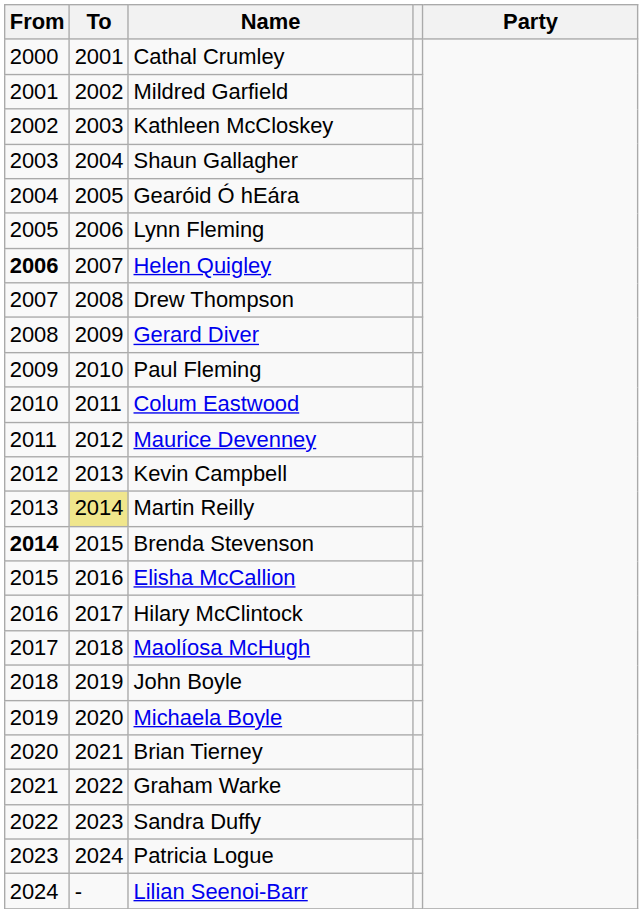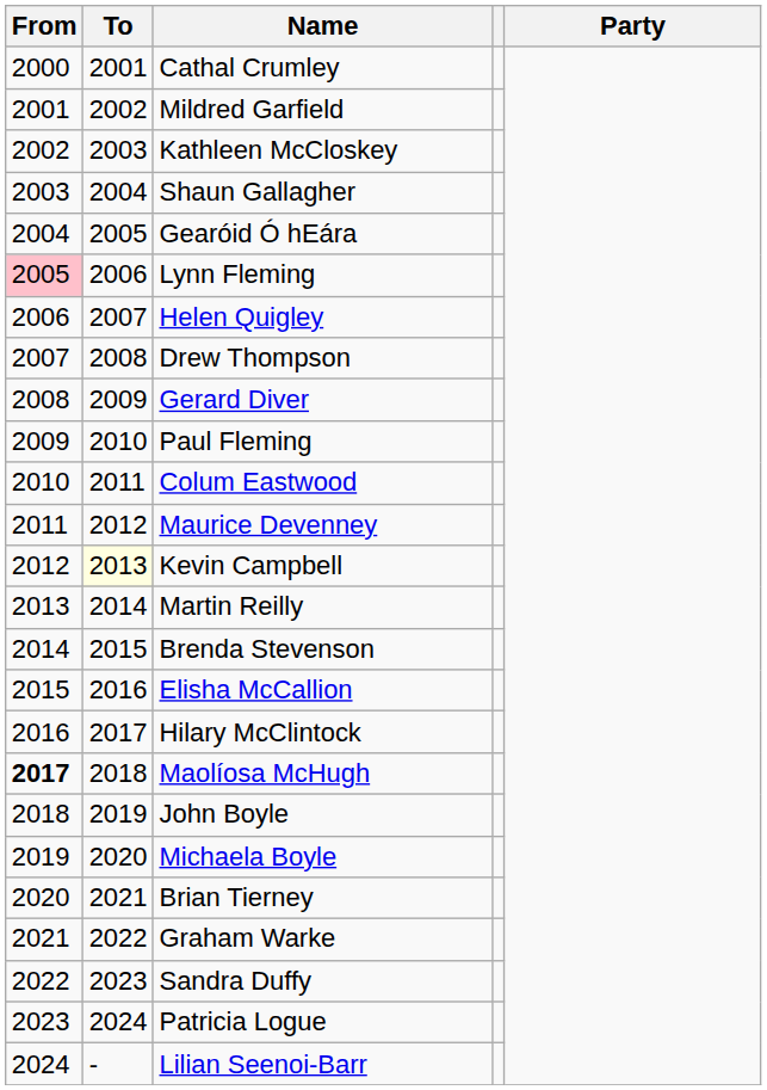 <table class="wikitable sortable">
 <tr>
 <th>From</th>
 <th>To</th>
 <th scope="col" width="200">Name</th>
 <th class="unsortable"></th>
 <th scope="col" width="150">Party</th>
 </tr>
 <tr>
 <td>2000</td>
 <td>2001</td>
 <td>Cathal Crumley</td>
 <td></td>
 </tr>
 <tr>
 <td>2001</td>
 <td>2002</td>
 <td>Mildred Garfield</td>
 <td></td>
 </tr>
 <tr>
 <td>2002</td>
 <td>2003</td>
 <td>Kathleen McCloskey</td>
 <td></td>
 </tr>
 <tr>
 <td>2003</td>
 <td>2004</td>
 <td>Shaun Gallagher</td>
 <td></td>
 </tr>
 <tr>
 <td>2004</td>
 <td>2005</td>
 <td>Gearóid Ó hEára</td>
 <td></td>
 </tr>
 <tr>
-<td>2005</td>
+<td style="background: pink;">2005</td>
 <td>2006</td>
 <td>Lynn Fleming</td>
 <td></td>
 </tr>
 <tr>
-<td><strong>2006</strong></td>
+<td>2006</td>
 <td>2007</td>
 <td><a href='#'>Helen Quigley</a></td>
 <td></td>
 </tr>
 <tr>
 <td>2007</td>
 <td>2008</td>
 <td>Drew Thompson</td>
 <td></td>
 </tr>
 <tr>
 <td>2008</td>
 <td>2009</td>
 <td><a href='#'>Gerard Diver</a></td>
 <td></td>
 </tr>
 <tr>
 <td>2009</td>
 <td>2010</td>
 <td>Paul Fleming</td>
 <td></td>
 </tr>
 <tr>
 <td>2010</td>
 <td>2011</td>
 <td><a href='#'>Colum Eastwood</a></td>
 <td></td>
 </tr>
 <tr>
 <td>2011</td>
 <td>2012</td>
 <td><a href='#'>Maurice Devenney</a></td>
 <td></td>
 </tr>
 <tr>
 <td>2012</td>
-<td>2013</td>
+<td style="background: lightyellow;">2013</td>
 <td>Kevin Campbell</td>
 <td></td>
 </tr>
 <tr>
 <td>2013</td>
-<td style="background: khaki;">2014</td>
+<td>2014</td>
 <td>Martin Reilly</td>
 <td></td>
 </tr>
 <tr>
-<td><strong>2014</strong></td>
+<td>2014</td>
 <td>2015</td>
 <td>Brenda Stevenson</td>
 <td></td>
 </tr>
 <tr>
 <td>2015</td>
 <td>2016</td>
 <td><a href='#'>Elisha McCallion</a></td>
 <td></td>
 </tr>
 <tr>
 <td>2016</td>
 <td>2017</td>
 <td>Hilary McClintock</td>
 <td></td>
 </tr>
 <tr>
-<td>2017</td>
+<td><strong>2017</strong></td>
 <td>2018</td>
 <td><a href='#'>Maolíosa McHugh</a></td>
 <td></td>
 </tr>
 <tr>
 <td>2018</td>
 <td>2019</td>
 <td>John Boyle</td>
 <td></td>
 </tr>
 <tr>
 <td>2019</td>
 <td>2020</td>
 <td><a href='#'>Michaela Boyle</a></td>
 <td></td>
 </tr>
 <tr>
 <td>2020</td>
 <td>2021</td>
 <td>Brian Tierney</td>
 <td></td>
 </tr>
 <tr>
 <td>2021</td>
 <td>2022</td>
 <td>Graham Warke</td>
 <td></td>
 </tr>
 <tr>
 <td>2022</td>
 <td>2023</td>
 <td>Sandra Duffy</td>
 <td></td>
 </tr>
 <tr>
 <td>2023</td>
 <td>2024</td>
 <td>Patricia Logue</td>
 <td></td>
 </tr>
 <tr>
 <td>2024</td>
 <td>-</td>
 <td><a href='#'>Lilian Seenoi-Barr</a></td>
 <td></td>
 </tr>
 </table>
